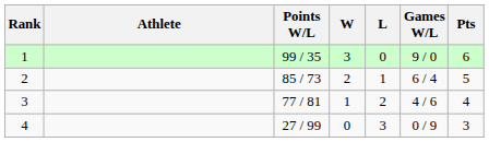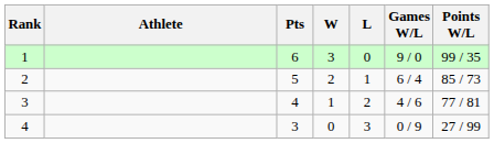 <table class="wikitable" style="text-align: center; font-size:90% ">
 <tr>
 <th width="20">Rank</th>
 <th width="230">Athlete</th>
-<th width="50">Points<br>W/L</th>
+<th width="30">Pts</th>
 <th width="30">W</th>
 <th width="30">L</th>
 <th width="40">Games<br>W/L</th>
-<th width="30">Pts</th>
+<th width="50">Points<br>W/L</th>
 </tr>
 <tr bgcolor=#ccffcc>
 <td>1</td>
 <td align=left></td>
-<td>99 / 35</td>
+<td>6</td>
 <td>3</td>
 <td>0</td>
 <td>9 / 0</td>
-<td>6</td>
+<td>99 / 35</td>
 </tr>
 <tr>
 <td>2</td>
 <td align=left></td>
-<td>85 / 73</td>
+<td>5</td>
 <td>2</td>
 <td>1</td>
 <td>6 / 4</td>
-<td>5</td>
+<td>85 / 73</td>
 </tr>
 <tr>
 <td>3</td>
 <td align=left></td>
-<td>77 / 81</td>
+<td>4</td>
 <td>1</td>
 <td>2</td>
 <td>4 / 6</td>
-<td>4</td>
+<td>77 / 81</td>
 </tr>
 <tr>
 <td>4</td>
 <td align=left></td>
-<td>27 / 99</td>
+<td>3</td>
 <td>0</td>
 <td>3</td>
 <td>0 / 9</td>
-<td>3</td>
+<td>27 / 99</td>
 </tr>
 </table>
